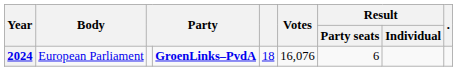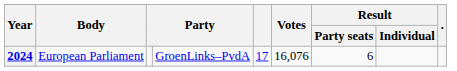 <table class="wikitable plainrowheaders sortable" border=2 cellpadding=4 cellspacing=0 style="border: 1px #aaa solid; font-size: 90%; text-align:center;">
 <tr>
 <th scope="col" rowspan=2>Year</th>
 <th scope="col" rowspan=2>Body</th>
 <th scope="col" colspan=2 rowspan=2>Party</th>
 <th scope="col" rowspan=2></th>
 <th scope="col" rowspan=2>Votes</th>
 <th scope="colgroup" colspan=2>Result</th>
 <th scope="col" rowspan=2>.</th>
 </tr>
 <tr>
 <th scope="col">Party seats</th>
 <th scope="col">Individual</th>
 </tr>
 <tr>
 <th scope="row"><a href='#'>2024</a></th>
 <td><a href='#'>European Parliament</a></td>
 <td style="background-color:"></td>
-<td><strong><a href='#'>GroenLinks–PvdA</a></strong></td>
-<td style=text-align:right><a href='#'>18</a></td>
+<td><a href='#'>GroenLinks–PvdA</a></td>
+<td style=text-align:right><a href='#'>17</a></td>
 <td style=text-align:right>16,076</td>
 <td style=text-align:right>6</td>
 <td></td>
 <td></td>
 </tr>
 </table>
